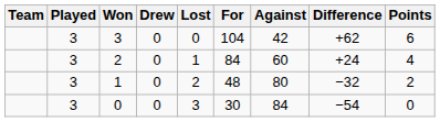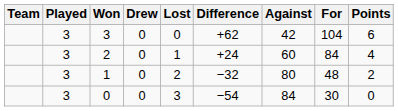 <table class="wikitable" style="text-align:center">
 <tr>
 <th>Team</th>
 <th>Played</th>
 <th>Won</th>
 <th>Drew</th>
 <th>Lost</th>
+<th>Difference</th>
+<th>Against</th>
 <th> For </th>
-<th>Against</th>
-<th>Difference</th>
 <th>Points</th>
 </tr>
 <tr>
 <td align=left></td>
 <td>3</td>
 <td>3</td>
 <td>0</td>
 <td>0</td>
+<td>+62</td>
+<td>42</td>
 <td>104</td>
-<td>42</td>
-<td>+62</td>
 <td>6</td>
 </tr>
 <tr>
 <td align=left></td>
 <td>3</td>
 <td>2</td>
 <td>0</td>
 <td>1</td>
+<td>+24</td>
+<td>60</td>
 <td>84</td>
-<td>60</td>
-<td>+24</td>
 <td>4</td>
 </tr>
 <tr>
 <td align=left></td>
 <td>3</td>
 <td>1</td>
 <td>0</td>
 <td>2</td>
+<td>−32</td>
+<td>80</td>
 <td>48</td>
-<td>80</td>
-<td>−32</td>
 <td>2</td>
 </tr>
 <tr>
 <td align=left></td>
 <td>3</td>
 <td>0</td>
 <td>0</td>
 <td>3</td>
+<td>−54</td>
+<td>84</td>
 <td>30</td>
-<td>84</td>
-<td>−54</td>
 <td>0</td>
 </tr>
 </table>
